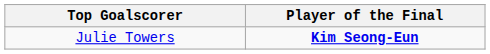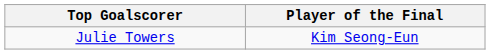 <table class=wikitable style="margin:auto; text-align:center">
 <tr>
 <th style="width: 220px;">Top Goalscorer</th>
 <th style="width: 220px;">Player of the Final</th>
 </tr>
 <tr>
 <td> <a href='#'>Julie Towers</a></td>
-<td><strong> <a href='#'>Kim Seong-Eun</a></strong></td>
+<td> <a href='#'>Kim Seong-Eun</a></td>
 </tr>
 </table>
